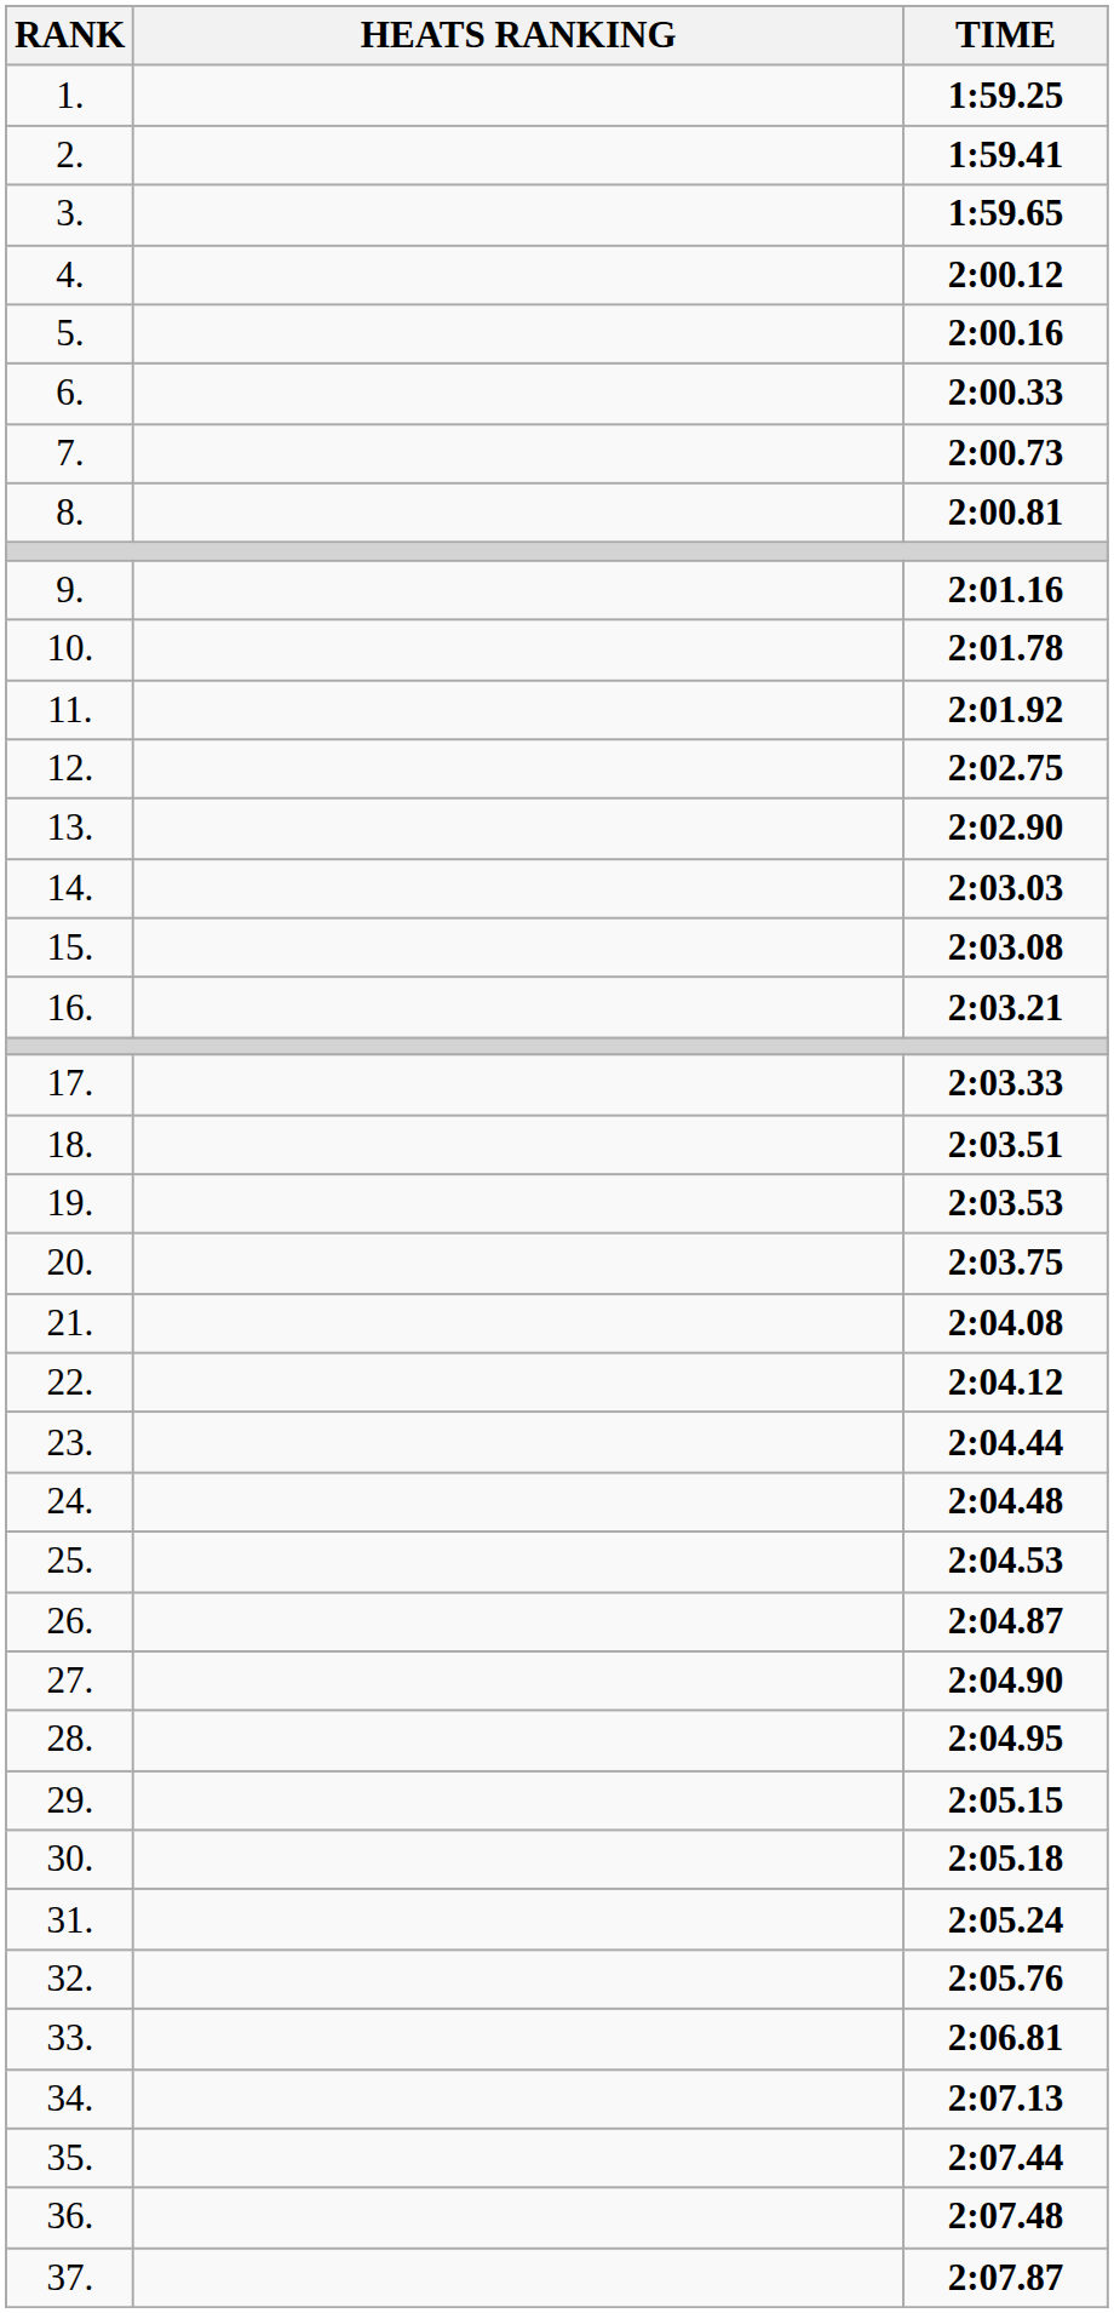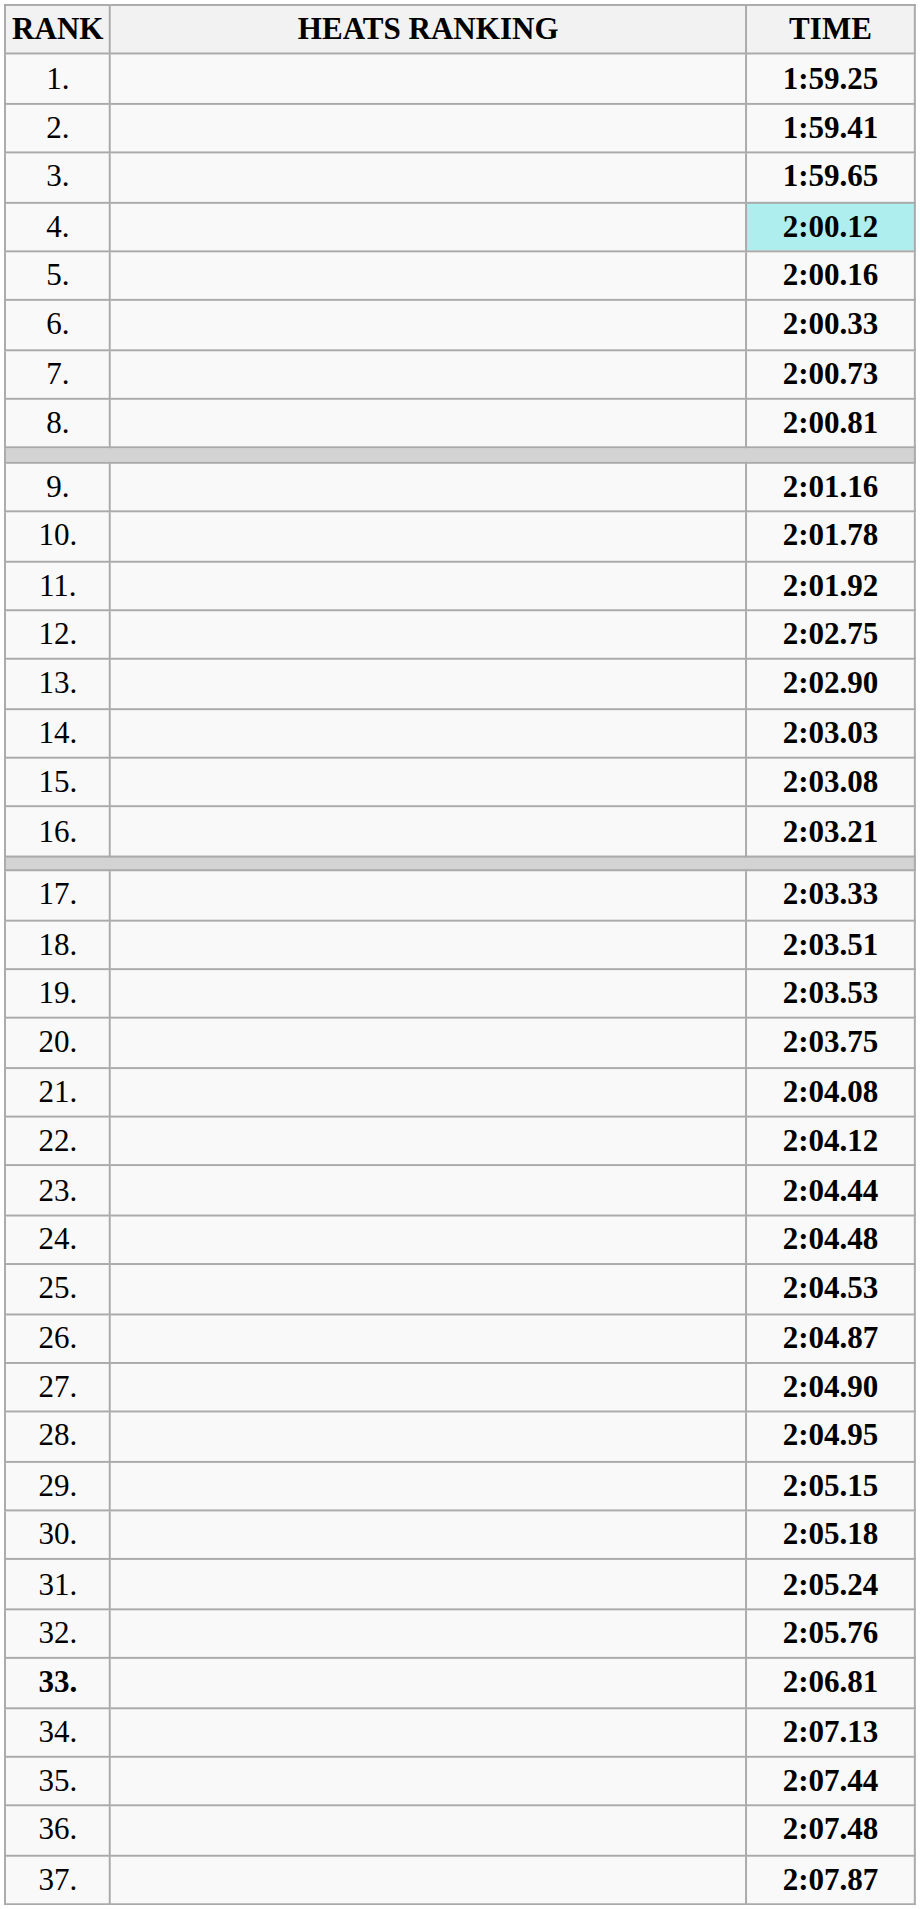 <table class="wikitable">
 <tr>
 <th>RANK</th>
 <th style="width: 20em">HEATS RANKING</th>
 <th style="width: 5em">TIME</th>
 </tr>
 <tr>
 <td align="center">1.</td>
 <td></td>
 <td align="center"><strong>1:59.25 </strong></td>
 </tr>
 <tr>
 <td align="center">2.</td>
 <td></td>
 <td align="center"><strong>1:59.41</strong></td>
 </tr>
 <tr>
 <td align="center">3.</td>
 <td></td>
 <td align="center"><strong>1:59.65 </strong></td>
 </tr>
 <tr>
 <td align="center">4.</td>
 <td></td>
-<td align="center"><strong>2:00.12</strong></td>
+<td align="center" style="background: paleturquoise;"><strong>2:00.12</strong></td>
 </tr>
 <tr>
 <td align="center">5.</td>
 <td></td>
 <td align="center"><strong>2:00.16</strong></td>
 </tr>
 <tr>
 <td align="center">6.</td>
 <td></td>
 <td align="center"><strong>2:00.33</strong></td>
 </tr>
 <tr>
 <td align="center">7.</td>
 <td></td>
 <td align="center"><strong>2:00.73 </strong></td>
 </tr>
 <tr>
 <td align="center">8.</td>
 <td></td>
 <td align="center"><strong>2:00.81 </strong></td>
 </tr>
 <tr>
 <td colspan=3 bgcolor=lightgray></td>
 </tr>
 <tr>
 <td align="center">9.</td>
 <td></td>
 <td align="center"><strong>2:01.16 </strong></td>
 </tr>
 <tr>
 <td align="center">10.</td>
 <td></td>
 <td align="center"><strong>2:01.78 </strong></td>
 </tr>
 <tr>
 <td align="center">11.</td>
 <td></td>
 <td align="center"><strong>2:01.92 </strong></td>
 </tr>
 <tr>
 <td align="center">12.</td>
 <td></td>
 <td align="center"><strong>2:02.75 </strong></td>
 </tr>
 <tr>
 <td align="center">13.</td>
 <td></td>
 <td align="center"><strong>2:02.90</strong></td>
 </tr>
 <tr>
 <td align="center">14.</td>
 <td></td>
 <td align="center"><strong>2:03.03</strong></td>
 </tr>
 <tr>
 <td align="center">15.</td>
 <td></td>
 <td align="center"><strong>2:03.08 </strong></td>
 </tr>
 <tr>
 <td align="center">16.</td>
 <td></td>
 <td align="center"><strong>2:03.21</strong></td>
 </tr>
 <tr>
 <td colspan=3 bgcolor=lightgray></td>
 </tr>
 <tr>
 <td align="center">17.</td>
 <td></td>
 <td align="center"><strong>2:03.33</strong></td>
 </tr>
 <tr>
 <td align="center">18.</td>
 <td></td>
 <td align="center"><strong>2:03.51</strong></td>
 </tr>
 <tr>
 <td align="center">19.</td>
 <td></td>
 <td align="center"><strong>2:03.53</strong></td>
 </tr>
 <tr>
 <td align="center">20.</td>
 <td></td>
 <td align="center"><strong>2:03.75</strong></td>
 </tr>
 <tr>
 <td align="center">21.</td>
 <td></td>
 <td align="center"><strong>2:04.08</strong></td>
 </tr>
 <tr>
 <td align="center">22.</td>
 <td></td>
 <td align="center"><strong>2:04.12</strong></td>
 </tr>
 <tr>
 <td align="center">23.</td>
 <td></td>
 <td align="center"><strong>2:04.44 </strong></td>
 </tr>
 <tr>
 <td align="center">24.</td>
 <td></td>
 <td align="center"><strong>2:04.48</strong></td>
 </tr>
 <tr>
 <td align="center">25.</td>
 <td></td>
 <td align="center"><strong>2:04.53</strong></td>
 </tr>
 <tr>
 <td align="center">26.</td>
 <td></td>
 <td align="center"><strong>2:04.87 </strong></td>
 </tr>
 <tr>
 <td align="center">27.</td>
 <td></td>
 <td align="center"><strong>2:04.90</strong></td>
 </tr>
 <tr>
 <td align="center">28.</td>
 <td></td>
 <td align="center"><strong>2:04.95</strong></td>
 </tr>
 <tr>
 <td align="center">29.</td>
 <td></td>
 <td align="center"><strong>2:05.15</strong></td>
 </tr>
 <tr>
 <td align="center">30.</td>
 <td></td>
 <td align="center"><strong>2:05.18 </strong></td>
 </tr>
 <tr>
 <td align="center">31.</td>
 <td></td>
 <td align="center"><strong>2:05.24</strong></td>
 </tr>
 <tr>
 <td align="center">32.</td>
 <td></td>
 <td align="center"><strong>2:05.76</strong></td>
 </tr>
 <tr>
-<td align="center">33.</td>
+<td align="center"><strong>33.</strong></td>
 <td></td>
 <td align="center"><strong>2:06.81</strong></td>
 </tr>
 <tr>
 <td align="center">34.</td>
 <td></td>
 <td align="center"><strong>2:07.13 </strong></td>
 </tr>
 <tr>
 <td align="center">35.</td>
 <td></td>
 <td align="center"><strong>2:07.44</strong></td>
 </tr>
 <tr>
 <td align="center">36.</td>
 <td></td>
 <td align="center"><strong>2:07.48 </strong></td>
 </tr>
 <tr>
 <td align="center">37.</td>
 <td></td>
 <td align="center"><strong>2:07.87</strong></td>
 </tr>
 </table>
